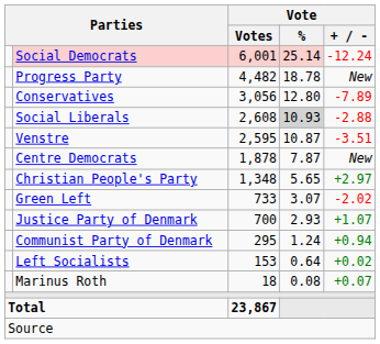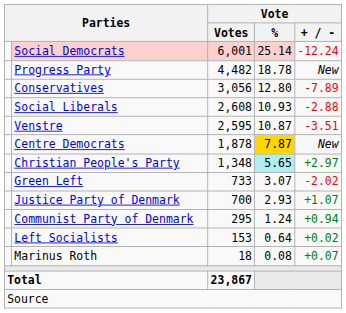 <table class="wikitable" style="text-align:right;">
 <tr>
 <th style="text-align:centre;" rowspan="2" colspan="2" width="225">Parties</th>
 <th colspan="3">Vote</th>
 </tr>
 <tr>
 <th width="15">Votes</th>
 <th width="15">%</th>
 <th width="15">+ / -</th>
 </tr>
 <tr>
 <td width="2" style="color:inherit;background:"></td>
 <td bgcolor=#fbd0ce  align="left"><a href='#'>Social Democrats</a></td>
 <td bgcolor=#fbd0ce>6,001</td>
 <td bgcolor=#fbd0ce>25.14</td>
 <td style=color:red;>-12.24</td>
 </tr>
 <tr>
 <td width="2" style="color:inherit;background:"></td>
 <td align="left"><a href='#'>Progress Party</a></td>
 <td>4,482</td>
 <td>18.78</td>
 <td><em>New</em></td>
 </tr>
 <tr>
 <td width="2" style="color:inherit;background:"></td>
 <td align="left"><a href='#'>Conservatives</a></td>
 <td>3,056</td>
 <td>12.80</td>
 <td style=color:red;>-7.89</td>
 </tr>
 <tr>
 <td width="2" style="color:inherit;background:"></td>
 <td align="left"><a href='#'>Social Liberals</a></td>
 <td>2,608</td>
-<td style="background: lightgrey;">10.93</td>
+<td>10.93</td>
 <td style=color:red;>-2.88</td>
 </tr>
 <tr>
 <td width="2" style="color:inherit;background:"></td>
 <td align="left"><a href='#'>Venstre</a></td>
 <td>2,595</td>
 <td>10.87</td>
 <td style=color:red;>-3.51</td>
 </tr>
 <tr>
 <td width="2" style="color:inherit;background:"></td>
 <td align="left"><a href='#'>Centre Democrats</a></td>
 <td>1,878</td>
-<td>7.87</td>
+<td style="background: gold;">7.87</td>
 <td><em>New</em></td>
 </tr>
 <tr>
 <td width="2" style="color:inherit;background:"></td>
 <td align="left"><a href='#'>Christian People's Party</a></td>
 <td>1,348</td>
-<td>5.65</td>
+<td style="background: paleturquoise;">5.65</td>
 <td style=color:green;>+2.97</td>
 </tr>
 <tr>
 <td width="2" style="color:inherit;background:"></td>
 <td align="left"><a href='#'>Green Left</a></td>
 <td>733</td>
 <td>3.07</td>
 <td style=color:red;>-2.02</td>
 </tr>
 <tr>
 <td width="2" style="color:inherit;background:"></td>
 <td align="left"><a href='#'>Justice Party of Denmark</a></td>
 <td>700</td>
 <td>2.93</td>
 <td style=color:green;>+1.07</td>
 </tr>
 <tr>
 <td width="2" style="color:inherit;background:"></td>
 <td align="left"><a href='#'>Communist Party of Denmark</a></td>
 <td>295</td>
 <td>1.24</td>
 <td style=color:green;>+0.94</td>
 </tr>
 <tr>
 <td width="2" style="color:inherit;background:"></td>
 <td align="left"><a href='#'>Left Socialists</a></td>
 <td>153</td>
 <td>0.64</td>
 <td style=color:green;>+0.02</td>
 </tr>
 <tr>
 <td width="2" style="color:inherit;background:"></td>
 <td align="left">Marinus Roth</td>
 <td>18</td>
 <td>0.08</td>
 <td style=color:green;>+0.07</td>
 </tr>
 <tr>
 <td colspan="7" bgcolor="#E9E9E9"></td>
 </tr>
 <tr>
 <td align="left" colspan="2"><strong>Total</strong></td>
 <td><strong>23,867</strong></td>
 <td bgcolor="#E9E9E9" colspan="2"></td>
 </tr>
 <tr>
 <td align="left" colspan="6">Source</td>
 </tr>
 </table>
